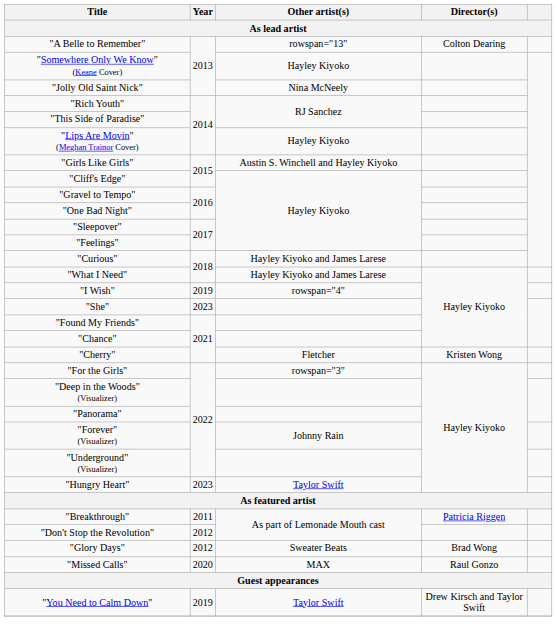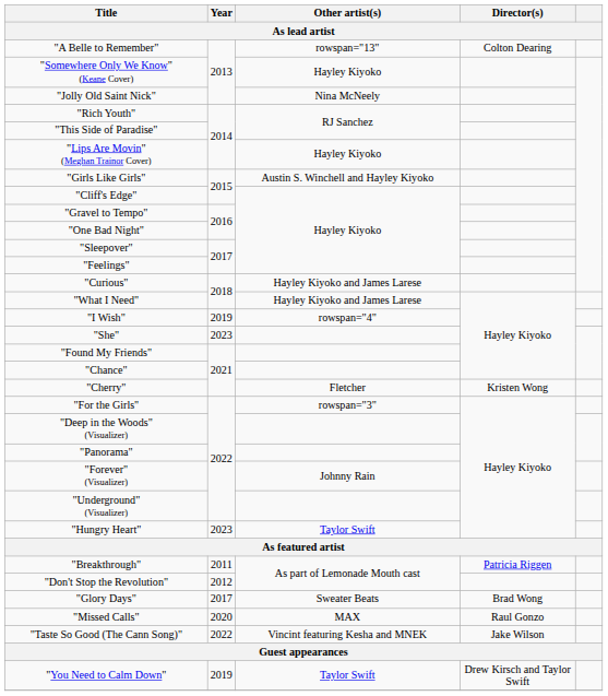 <table class="wikitable plainrowheaders" style="text-align:center;">
 <tr>
 <th scope="col" style="width:18em;">Title</th>
 <th scope="col" style="width:1em;">Year</th>
 <th scope="col" style="width:20em;">Other artist(s)</th>
 <th scope="col" style="width:10em;">Director(s)</th>
 <th scope="col" style="width:2em;"></th>
 </tr>
 <tr>
 <th scope="col" colspan="5">As lead artist</th>
 </tr>
 <tr>
 <td scope="row">"A Belle to Remember"</td>
 <td rowspan="3">2013</td>
 <td>rowspan="13" </td>
 <td>Colton Dearing</td>
 <td></td>
 </tr>
 <tr>
 <td scope="row">"<a href='#'>Somewhere Only We Know</a>" <br><small>(<a href='#'>Keane</a> Cover)</small></td>
 <td>Hayley Kiyoko</td>
 <td></td>
 </tr>
 <tr>
 <td scope="row">"Jolly Old Saint Nick"</td>
 <td>Nina McNeely</td>
 <td></td>
 </tr>
 <tr>
 <td scope="row">"Rich Youth"</td>
 <td rowspan="3">2014</td>
 <td rowspan="2">RJ Sanchez</td>
 <td></td>
 </tr>
 <tr>
 <td scope="row">"This Side of Paradise"</td>
 <td></td>
 </tr>
 <tr>
 <td scope="row">"<a href='#'>Lips Are Movin</a>" <br><small>(<a href='#'>Meghan Trainor</a> Cover)</small></td>
 <td>Hayley Kiyoko</td>
 <td></td>
 </tr>
 <tr>
 <td scope="row">"Girls Like Girls"</td>
 <td rowspan="2">2015</td>
 <td>Austin S. Winchell and Hayley Kiyoko</td>
 <td></td>
 </tr>
 <tr>
 <td scope="row">"Cliff's Edge"</td>
 <td rowspan="5">Hayley Kiyoko</td>
 <td></td>
 </tr>
 <tr>
 <td scope="row">"Gravel to Tempo"</td>
 <td rowspan="2">2016</td>
 <td></td>
 </tr>
 <tr>
 <td scope="row">"One Bad Night"</td>
 <td></td>
 </tr>
 <tr>
 <td scope="row">"Sleepover"</td>
 <td rowspan="2">2017</td>
 <td></td>
 </tr>
 <tr>
 <td scope="row">"Feelings"</td>
 <td></td>
 </tr>
 <tr>
 <td scope="row">"Curious"</td>
 <td rowspan="2">2018</td>
 <td>Hayley Kiyoko and James Larese</td>
 <td></td>
 </tr>
 <tr>
 <td scope="row">"What I Need"</td>
 <td>Hayley Kiyoko and James Larese</td>
 <td rowspan="5">Hayley Kiyoko</td>
 <td></td>
 </tr>
 <tr>
 <td scope="row">"I Wish"</td>
 <td>2019</td>
 <td>rowspan="4" </td>
 <td></td>
 </tr>
 <tr>
 <td scope="row">"She"</td>
 <td>2023</td>
 <td></td>
 </tr>
 <tr>
 <td scope="row">"Found My Friends"</td>
 <td rowspan="3">2021</td>
 <td></td>
 </tr>
 <tr>
 <td scope="row">"Chance"</td>
 <td></td>
 </tr>
 <tr>
 <td scope="row">"Cherry"</td>
 <td>Fletcher</td>
 <td>Kristen Wong</td>
 <td></td>
 </tr>
 <tr>
 <td scope="row">"For the Girls"</td>
 <td rowspan="5">2022</td>
 <td>rowspan="3" </td>
 <td rowspan="6">Hayley Kiyoko</td>
 <td></td>
 </tr>
 <tr>
 <td scope="row">"Deep in the Woods" <br><small>(Visualizer)</small></td>
 <td></td>
 </tr>
 <tr>
 <td scope="row">"Panorama"</td>
 <td></td>
 </tr>
 <tr>
 <td scope="row">"Forever" <br><small>(Visualizer)</small></td>
 <td>Johnny Rain</td>
 <td></td>
 </tr>
 <tr>
 <td scope="row">"Underground" <br><small>(Visualizer)</small></td>
 <td></td>
 <td></td>
 </tr>
 <tr>
 <td scope="row">"Hungry Heart"</td>
 <td>2023</td>
 <td><a href='#'>Taylor Swift</a></td>
 <td></td>
 </tr>
 <tr>
 <th scope="col" colspan="5">As featured artist</th>
 </tr>
 <tr>
 <td scope="row">"Breakthrough"</td>
 <td>2011</td>
 <td rowspan="2">As part of Lemonade Mouth cast</td>
 <td><a href='#'>Patricia Riggen</a></td>
 <td></td>
 </tr>
 <tr>
 <td scope="row">"Don't Stop the Revolution"</td>
 <td>2012</td>
 <td></td>
 <td></td>
 </tr>
 <tr>
 <td scope="row">"Glory Days"</td>
-<td>2012</td>
+<td>2017</td>
 <td>Sweater Beats</td>
 <td>Brad Wong</td>
 <td></td>
 </tr>
 <tr>
 <td scope="row">"Missed Calls"</td>
 <td>2020</td>
 <td>MAX</td>
 <td>Raul Gonzo</td>
+<td></td>
+</tr>
+<tr>
+<td scope="row">"Taste So Good (The Cann Song)"</td>
+<td>2022</td>
+<td>Vincint featuring Kesha and MNEK</td>
+<td>Jake Wilson</td>
 <td></td>
 </tr>
 <tr>
 <th scope="col" colspan="5">Guest appearances</th>
 </tr>
 <tr>
 <td scope="row">"<a href='#'>You Need to Calm Down</a>"</td>
 <td>2019</td>
 <td><a href='#'>Taylor Swift</a></td>
 <td>Drew Kirsch and Taylor Swift</td>
 <td></td>
 </tr>
 <tr>
 </tr>
 </table>
